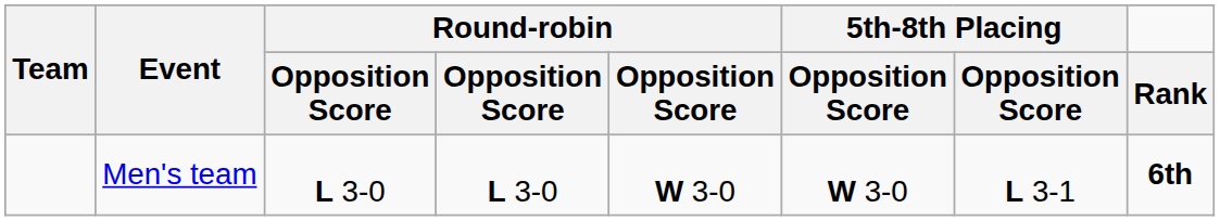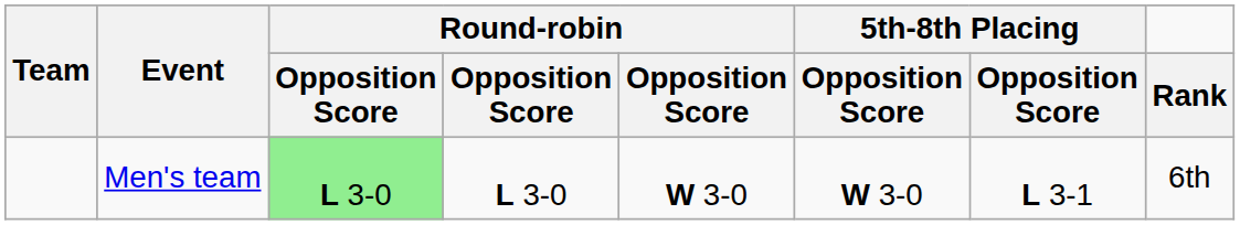 <table class="wikitable">
 <tr>
 <th rowspan="2">Team</th>
 <th rowspan="2">Event</th>
 <th colspan="3">Round-robin</th>
 <th colspan="2">5th-8th Placing</th>
 </tr>
 <tr>
 <th>Opposition<br>Score</th>
 <th>Opposition<br>Score</th>
 <th>Opposition<br>Score</th>
 <th>Opposition<br>Score</th>
 <th>Opposition<br>Score</th>
 <th>Rank</th>
 </tr>
 <tr align="center">
 <td align="left"></td>
 <td align="left"><a href='#'>Men's team</a></td>
-<td><br> <strong>L</strong> 3-0</td>
+<td style="background: lightgreen;"><br> <strong>L</strong> 3-0</td>
 <td><br> <strong>L</strong> 3-0</td>
 <td><br> <strong>W</strong> 3-0</td>
 <td><br> <strong>W</strong> 3-0</td>
 <td><br> <strong>L</strong> 3-1</td>
-<td><strong>6th</strong></td>
+<td>6th</td>
 </tr>
 </table>
